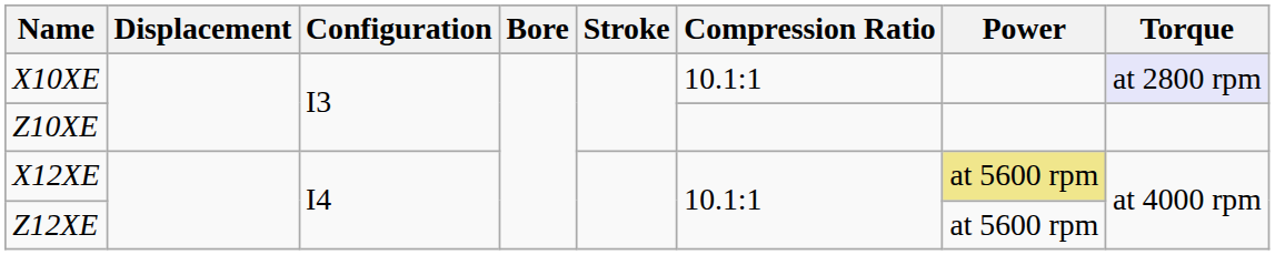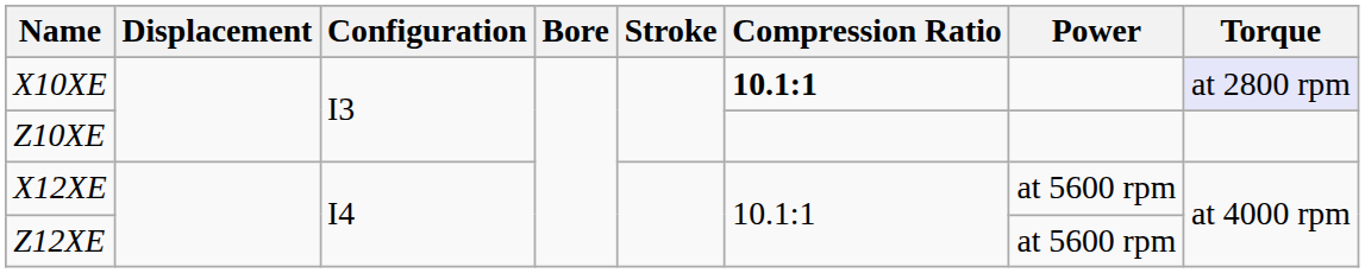 <table class=wikitable>
 <tr>
 <th>Name</th>
 <th>Displacement</th>
 <th>Configuration</th>
 <th>Bore</th>
 <th>Stroke</th>
 <th>Compression Ratio</th>
 <th>Power</th>
 <th>Torque</th>
 </tr>
 <tr>
 <td><em>X10XE</em></td>
 <td rowspan=2></td>
 <td rowspan=2>I3</td>
 <td rowspan=4></td>
 <td rowspan=2></td>
-<td>10.1:1</td>
+<td><strong>10.1:1</strong></td>
 <td></td>
 <td style="background: lavender;"> at 2800 rpm</td>
 </tr>
 <tr>
 <td><em>Z10XE</em></td>
 <td></td>
 <td></td>
 <td></td>
 </tr>
 <tr>
 <td><em>X12XE</em></td>
 <td rowspan=2></td>
 <td rowspan=2>I4</td>
 <td rowspan=2></td>
 <td rowspan=2>10.1:1</td>
-<td style="background: khaki;"> at 5600 rpm</td>
+<td> at 5600 rpm</td>
 <td rowspan=2> at 4000 rpm</td>
 </tr>
 <tr>
 <td><em>Z12XE</em></td>
 <td> at 5600 rpm</td>
 </tr>
 </table>
